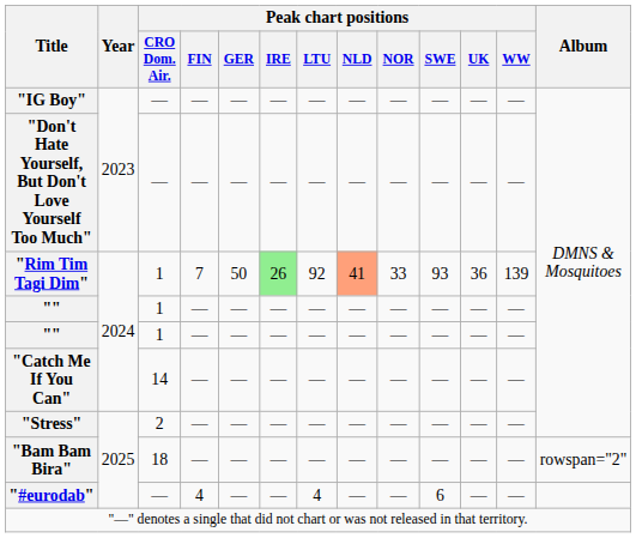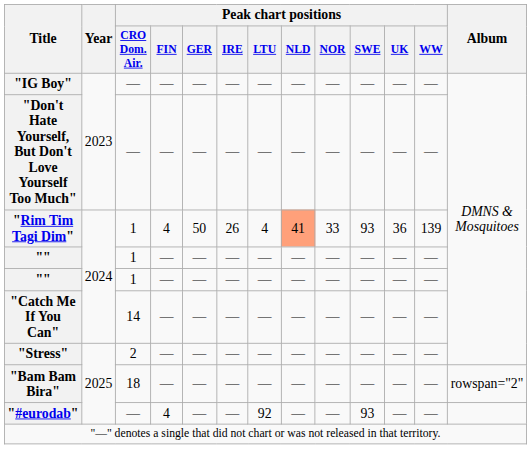 <table class="wikitable plainrowheaders" style="text-align:center;">
 <tr>
 <th scope="col" rowspan="2">Title</th>
 <th scope="col" rowspan="2">Year</th>
 <th scope="col" colspan="10">Peak chart positions</th>
 <th scope="col" rowspan="2">Album</th>
 </tr>
 <tr>
 <th scope="col" style="width:3em; font-size:85%;"><a href='#'>CRO<br>Dom.<br>Air.</a><br></th>
 <th scope="col" style="width:3em;font-size:85%;"><a href='#'>FIN</a><br></th>
 <th scope="col" style="width:3em;font-size:85%;"><a href='#'>GER</a><br></th>
 <th scope="col" style="width:3em;font-size:85%;"><a href='#'>IRE</a><br></th>
 <th scope="col" style="width:3em;font-size:85%;"><a href='#'>LTU</a><br></th>
 <th scope="col" style="width:3em;font-size:85%;"><a href='#'>NLD</a><br></th>
 <th scope="col" style="width:3em;font-size:85%;"><a href='#'>NOR</a><br></th>
 <th scope="col" style="width:3em;font-size:85%;"><a href='#'>SWE</a><br></th>
 <th scope="col" style="width:3em;font-size:85%;"><a href='#'>UK</a><br></th>
 <th scope="col" style="width:3em;font-size:85%;"><a href='#'>WW</a><br></th>
 </tr>
 <tr>
 <th scope="row">"IG Boy"</th>
 <td rowspan="2">2023</td>
 <td>—</td>
 <td>—</td>
 <td>—</td>
 <td>—</td>
 <td>—</td>
 <td>—</td>
 <td>—</td>
 <td>—</td>
 <td>—</td>
 <td>—</td>
 <td rowspan="7"><em>DMNS & Mosquitoes</em></td>
 </tr>
 <tr>
 <th scope="row">"Don't Hate Yourself, But Don't Love Yourself Too Much"</th>
 <td>—</td>
 <td>—</td>
 <td>—</td>
 <td>—</td>
 <td>—</td>
 <td>—</td>
 <td>—</td>
 <td>—</td>
 <td>—</td>
 <td>—</td>
 </tr>
 <tr>
 <th scope="row">"<a href='#'>Rim Tim Tagi Dim</a>"</th>
 <td rowspan="4">2024</td>
 <td>1</td>
-<td>7</td>
+<td>4</td>
 <td>50</td>
-<td style="background: lightgreen;">26</td>
-<td>92</td>
+<td>26</td>
+<td>4</td>
 <td style="background: lightsalmon;">41</td>
 <td>33</td>
 <td>93<br></td>
 <td>36</td>
 <td>139</td>
 </tr>
 <tr>
 <th scope="row">""</th>
 <td>1</td>
 <td>—</td>
 <td>—</td>
 <td>—</td>
 <td>—</td>
 <td>—</td>
 <td>—</td>
 <td>—</td>
 <td>—</td>
 <td>—</td>
 </tr>
 <tr>
 <th scope="row">""</th>
 <td>1</td>
 <td>—</td>
 <td>—</td>
 <td>—</td>
 <td>—</td>
 <td>—</td>
 <td>—</td>
 <td>—</td>
 <td>—</td>
 <td>—</td>
 </tr>
 <tr>
 <th scope="row">"Catch Me If You Can"</th>
 <td>14</td>
 <td>—</td>
 <td>—</td>
 <td>—</td>
 <td>—</td>
 <td>—</td>
 <td>—</td>
 <td>—</td>
 <td>—</td>
 <td>—</td>
 </tr>
 <tr>
 <th scope="row">"Stress"</th>
 <td rowspan="3">2025</td>
 <td>2</td>
 <td>—</td>
 <td>—</td>
 <td>—</td>
 <td>—</td>
 <td>—</td>
 <td>—</td>
 <td>—</td>
 <td>—</td>
 <td>—</td>
 </tr>
 <tr>
 <th scope="row">"Bam Bam Bira"<br></th>
 <td>18</td>
 <td>—</td>
 <td>—</td>
 <td>—</td>
 <td>—</td>
 <td>—</td>
 <td>—</td>
 <td>—</td>
 <td>—</td>
 <td>—</td>
 <td>rowspan="2" </td>
 </tr>
 <tr>
 <th scope="row">"<a href='#'>#eurodab</a>"<br></th>
 <td>—</td>
 <td>4</td>
 <td>—</td>
 <td>—</td>
-<td>4</td>
+<td>92</td>
 <td>—</td>
 <td>—</td>
-<td>6</td>
+<td>93<br></td>
 <td>—</td>
 <td>—</td>
 </tr>
 <tr>
 <td colspan="13" style="font-size:85%;">"—" denotes a single that did not chart or was not released in that territory.</td>
 </tr>
 </table>
